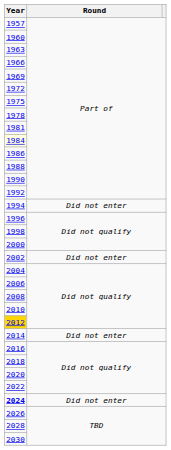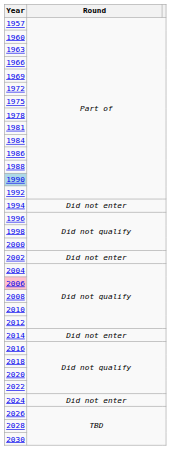 <table class="wikitable" style="text-align: center; font-size:90%">
 <tr>
 <th>Year</th>
 <th style="width:200px">Round</th>
 <th></th>
 </tr>
 <tr>
 <td><a href='#'>1957</a></td>
 <td colspan="2" rowspan="14"><em>Part of </em></td>
 </tr>
 <tr>
 <td><a href='#'>1960</a></td>
 </tr>
 <tr>
 <td><a href='#'>1963</a></td>
 </tr>
 <tr>
 <td><a href='#'>1966</a></td>
 </tr>
 <tr>
 <td><a href='#'>1969</a></td>
 </tr>
 <tr>
 <td><a href='#'>1972</a></td>
 </tr>
 <tr>
 <td><a href='#'>1975</a></td>
 </tr>
 <tr>
 <td><a href='#'>1978</a></td>
 </tr>
 <tr>
 <td><a href='#'>1981</a></td>
 </tr>
 <tr>
-<td style="background: lightyellow;"><a href='#'>1984</a></td>
+<td><a href='#'>1984</a></td>
 </tr>
 <tr>
 <td><a href='#'>1986</a></td>
 </tr>
 <tr>
 <td><a href='#'>1988</a></td>
 </tr>
 <tr>
-<td><a href='#'>1990</a></td>
+<td style="background: lightblue;"><a href='#'>1990</a></td>
 </tr>
 <tr>
 <td><a href='#'>1992</a></td>
 </tr>
 <tr>
 <td><a href='#'>1994</a></td>
 <td colspan="2"><em>Did not enter</em></td>
 </tr>
 <tr>
 <td><a href='#'>1996</a></td>
 <td colspan="2" rowspan="3"><em>Did not qualify</em></td>
 </tr>
 <tr>
 <td><a href='#'>1998</a></td>
 </tr>
 <tr>
 <td><a href='#'>2000</a></td>
 </tr>
 <tr>
 <td><a href='#'>2002</a></td>
 <td colspan="2"><em>Did not enter</em></td>
 </tr>
 <tr>
 <td><a href='#'>2004</a></td>
 <td colspan="2" rowspan="5"><em>Did not qualify</em></td>
 </tr>
 <tr>
-<td><a href='#'>2006</a></td>
+<td style="background: pink;"><a href='#'>2006</a></td>
 </tr>
 <tr>
 <td><a href='#'>2008</a></td>
 </tr>
 <tr>
 <td><a href='#'>2010</a></td>
 </tr>
 <tr>
-<td style="background: gold;"><a href='#'>2012</a></td>
+<td><a href='#'>2012</a></td>
 </tr>
 <tr>
 <td><a href='#'>2014</a></td>
 <td colspan="2"><em>Did not enter</em></td>
 </tr>
 <tr>
 <td><a href='#'>2016</a></td>
 <td colspan="2" rowspan="4"><em>Did not qualify</em></td>
 </tr>
 <tr>
 <td><a href='#'>2018</a></td>
 </tr>
 <tr>
 <td><a href='#'>2020</a></td>
 </tr>
 <tr>
 <td><a href='#'>2022</a></td>
 </tr>
 <tr>
-<td><strong><a href='#'>2024</a></strong></td>
+<td><a href='#'>2024</a></td>
 <td colspan="2"><em>Did not enter</em></td>
 </tr>
 <tr>
 <td><a href='#'>2026</a></td>
 <td colspan="2" rowspan="3"><em>TBD</em></td>
 </tr>
 <tr>
 <td><a href='#'>2028</a></td>
 </tr>
 <tr>
 <td><a href='#'>2030</a></td>
 </tr>
 </table>
